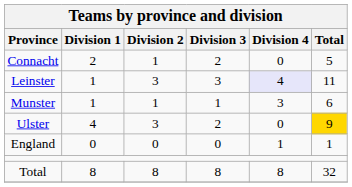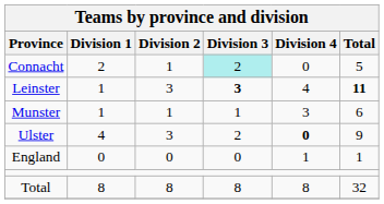 <table class="wikitable" style="text-align:center">
 <tr>
 <th colspan=6><big>Teams by province and division</big></th>
 </tr>
 <tr>
 <th>Province</th>
 <th>Division 1</th>
 <th>Division 2</th>
 <th>Division 3</th>
 <th>Division 4</th>
 <th>Total</th>
 </tr>
 <tr>
 <td><a href='#'>Connacht</a></td>
 <td>2</td>
 <td>1</td>
-<td>2</td>
+<td style="background: paleturquoise;">2</td>
 <td>0</td>
 <td>5</td>
 </tr>
 <tr>
 <td><a href='#'>Leinster</a></td>
 <td>1</td>
 <td>3</td>
-<td>3</td>
-<td style="background: lavender;">4</td>
-<td>11</td>
+<td><strong>3</strong></td>
+<td>4</td>
+<td><strong>11</strong></td>
 </tr>
 <tr>
 <td><a href='#'>Munster</a></td>
 <td>1</td>
 <td>1</td>
 <td>1</td>
 <td>3</td>
 <td>6</td>
 </tr>
 <tr>
 <td><a href='#'>Ulster</a></td>
 <td>4</td>
 <td>3</td>
 <td>2</td>
-<td>0</td>
-<td style="background: gold;">9</td>
+<td><strong>0</strong></td>
+<td>9</td>
 </tr>
 <tr>
 <td>England</td>
 <td>0</td>
 <td>0</td>
 <td>0</td>
 <td>1</td>
 <td>1</td>
 </tr>
 <tr>
 <td colspan=6></td>
 </tr>
 <tr>
 <td>Total</td>
 <td>8</td>
 <td>8</td>
 <td>8</td>
 <td>8</td>
 <td>32</td>
 </tr>
 <tr>
 </tr>
 </table>
